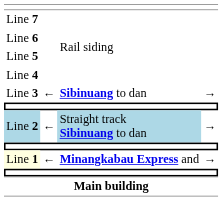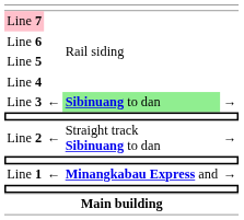 <table cellspacing="0" cellpadding="3">
 <tr>
 <td colspan="4" style="border-top:solid 1px gray;border-bottom:solid 1px gray;text-align:center"> </td>
 </tr>
 <tr>
-<td>Line <strong>7</strong></td>
+<td style="background: pink;">Line <strong>7</strong></td>
 <td></td>
 <td rowspan="4">Rail siding</td>
 <td></td>
 </tr>
 <tr>
 <td>Line <strong>6</strong></td>
 <td></td>
 <td></td>
 </tr>
 <tr>
 <td>Line <strong>5</strong></td>
 <td></td>
 <td></td>
 </tr>
 <tr>
 <td>Line <strong>4</strong></td>
 <td></td>
 <td></td>
 </tr>
 <tr>
 <td>Line <strong>3</strong></td>
 <td>← </td>
-<td> <strong><a href='#'>Sibinuang</a></strong> to  dan </td>
+<td style="background: lightgreen;"> <strong><a href='#'>Sibinuang</a></strong> to  dan </td>
 <td> →</td>
 </tr>
 <tr>
 <td colspan="4" style="text-align:center; border-top:solid 2px black;border-left:solid 2px black;border-right:solid 2px black;border-bottom:solid 2px black;"></td>
 </tr>
 <tr>
-<td style="background: lightblue;">Line <strong>2</strong></td>
+<td>Line <strong>2</strong></td>
 <td>← </td>
-<td style="background: lightblue;">Straight track<br> <strong><a href='#'>Sibinuang</a></strong> to  dan </td>
+<td>Straight track<br> <strong><a href='#'>Sibinuang</a></strong> to  dan </td>
 <td> →</td>
 </tr>
 <tr>
 <td colspan="4" style="text-align:center; border-top:solid 2px black;border-left:solid 2px black;border-right:solid 2px black;border-bottom:solid 2px black;"></td>
 </tr>
 <tr>
-<td style="background: lightyellow;">Line <strong>1</strong></td>
+<td>Line <strong>1</strong></td>
 <td>← </td>
 <td> <strong><a href='#'>Minangkabau Express</a></strong>  and </td>
 <td> →</td>
 </tr>
 <tr>
 <td colspan="4" style="text-align:center; border-top:solid 2px black;border-left:solid 2px black;border-right:solid 2px black;border-bottom:solid 2px black;"></td>
 </tr>
 <tr>
 <td colspan="4" style="border-top:solid 1px gray;border-bottom:solid 1px gray;text-align:center"><strong>Main building</strong></td>
 </tr>
 </table>
